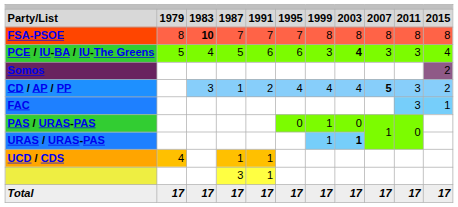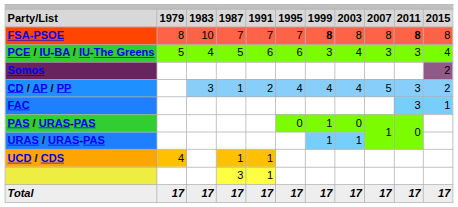 <table class="wikitable" style="margin:0 auto">
 <tr>
 <td colspan="11" width="600px" bgcolor="#C0C0C0"></td>
 </tr>
 <tr bgcolor="#D8D8D8">
 <td><strong>Party/List</strong></td>
 <td align="right"><strong>1979</strong></td>
 <td align="right"><strong>1983</strong></td>
 <td align="right"><strong>1987</strong></td>
 <td align="right"><strong>1991</strong></td>
 <td align="right"><strong>1995</strong></td>
 <td align="right"><strong>1999</strong></td>
 <td align="right"><strong>2003</strong></td>
 <td align="right"><strong>2007</strong></td>
 <td align="right"><strong>2011</strong></td>
 <td align="right"><strong>2015</strong></td>
 </tr>
 <tr>
 <td bgcolor="#FF4500"><strong><a href='#'>FSA-PSOE</a></strong></td>
 <td bgcolor="#FF6347" align="right">8</td>
-<td bgcolor="#FF6347" align="right"><strong>10</strong></td>
+<td bgcolor="#FF6347" align="right">10</td>
 <td bgcolor="#FF6347" align="right">7</td>
 <td bgcolor="#FF6347" align="right">7</td>
 <td bgcolor="#FF6347" align="right">7</td>
+<td bgcolor="#FF6347" align="right"><strong>8</strong></td>
 <td bgcolor="#FF6347" align="right">8</td>
 <td bgcolor="#FF6347" align="right">8</td>
-<td bgcolor="#FF6347" align="right">8</td>
-<td bgcolor="#FF6347" align="right">8</td>
+<td bgcolor="#FF6347" align="right"><strong>8</strong></td>
 <td bgcolor="#FF6347" align="right">8</td>
 </tr>
 <tr>
 <td bgcolor="#32CD32"><strong><a href='#'>PCE</a> / <a href='#'>IU</a>-<a href='#'>BA</a> / <a href='#'>IU</a>-<a href='#'>The Greens</a></strong></td>
 <td bgcolor="#7CFC00" align="right">5</td>
 <td bgcolor="#7CFC00" align="right">4</td>
 <td bgcolor="#7CFC00" align="right">5</td>
 <td bgcolor="#7CFC00" align="right">6</td>
 <td bgcolor="#7CFC00" align="right">6</td>
 <td bgcolor="#7CFC00" align="right">3</td>
-<td bgcolor="#7CFC00" align="right"><strong>4</strong></td>
+<td bgcolor="#7CFC00" align="right">4</td>
 <td bgcolor="#7CFC00" align="right">3</td>
 <td bgcolor="#7CFC00" align="right">3</td>
 <td bgcolor="#7CFC00" align="right">4</td>
 </tr>
 <tr>
 <td bgcolor="#69235F"><strong><span><a href='#'>Somos</a></span></strong></td>
 <td bgcolor="#FFFFFF" align="right"></td>
 <td bgcolor="#FFFFFF" align="right"></td>
 <td bgcolor="#FFFFFF" align="right"></td>
 <td bgcolor="#FFFFFF" align="right"></td>
 <td bgcolor="#FFFFFF" align="right"></td>
 <td bgcolor="#FFFFFF" align="right"></td>
 <td bgcolor="#FFFFFF" align="right"></td>
 <td bgcolor="#FFFFFF" align="right"></td>
 <td bgcolor="#FFFFFF" align="right"></td>
 <td bgcolor="#8F5A87" align="right">2</td>
 </tr>
 <tr>
 <td bgcolor="#1E90FF"><strong><a href='#'>CD</a> / <a href='#'>AP</a> / <a href='#'>PP</a></strong></td>
 <td bgcolor="#FFFFFF" align="right"></td>
 <td bgcolor="#87CEFA" align="right">3</td>
 <td bgcolor="#87CEFA" align="right">1</td>
 <td bgcolor="#87CEFA" align="right">2</td>
 <td bgcolor="#87CEFA" align="right">4</td>
 <td bgcolor="#87CEFA" align="right">4</td>
 <td bgcolor="#87CEFA" align="right">4</td>
-<td bgcolor="#87CEFA" align="right"><strong>5</strong></td>
+<td bgcolor="#87CEFA" align="right">5</td>
 <td bgcolor="#87CEFA" align="right">3</td>
 <td bgcolor="#87CEFA" align="right">2</td>
 </tr>
 <tr>
 <td bgcolor="#1E80FF"><strong><a href='#'>FAC</a></strong></td>
 <td bgcolor="#FFFFFF" align="right"></td>
 <td bgcolor="#FFFFFF" align="right"></td>
 <td bgcolor="#FFFFFF" align="right"></td>
 <td bgcolor="#FFFFFF" align="right"></td>
 <td bgcolor="#FFFFFF" align="right"></td>
 <td bgcolor="#FFFFFF" align="right"></td>
 <td bgcolor="#FFFFFF" align="right"></td>
 <td bgcolor="#FFFFFF" align="right"></td>
 <td bgcolor="#76CEFA" align="right">3</td>
 <td bgcolor="#76CEFA" align="right">1</td>
 </tr>
 <tr>
 <td bgcolor="#32CD32"><strong><a href='#'>PAS</a> / <a href='#'>URAS</a>-<a href='#'>PAS</a></strong></td>
 <td bgcolor="#FFFFFF" align="right"></td>
 <td bgcolor="#FFFFFF" align="right"></td>
 <td bgcolor="#FFFFFF" align="right"></td>
 <td bgcolor="#FFFFFF" align="right"></td>
 <td bgcolor="#7CFC00" align="right">0</td>
 <td bgcolor="#7CFC00" align="right">1</td>
 <td bgcolor="#7CFC00" align="right">0</td>
 <td bgcolor="#7CFC00" align="right" rowspan="2">1</td>
 <td bgcolor="#7CFC00" align="right" rowspan="2">0</td>
 <td bgcolor="#FFFFFF" align="right"></td>
 </tr>
 <tr>
 <td bgcolor="#1E80FF"><strong><a href='#'>URAS</a> / <a href='#'>URAS</a>-<a href='#'>PAS</a></strong></td>
 <td bgcolor="#FFFFFF" align="right"></td>
 <td bgcolor="#FFFFFF" align="right"></td>
 <td bgcolor="#FFFFFF" align="right"></td>
 <td bgcolor="#FFFFFF" align="right"></td>
 <td bgcolor="#FFFFFF" align="right"></td>
 <td bgcolor="#76CEFA" align="right">1</td>
-<td bgcolor="#76CEFA" align="right"><strong>1<br> </strong></td>
+<td bgcolor="#76CEFA" align="right">1<br> </td>
 <td bgcolor="#FFFFFF" align="right"></td>
 </tr>
 <tr>
 <td bgcolor="#FFA500"><strong><a href='#'>UCD</a> / <a href='#'>CDS</a></strong></td>
 <td bgcolor="#FFC000" align="right">4</td>
 <td bgcolor="#FFFFFF" align="right"></td>
 <td bgcolor="#FFC000" align="right">1</td>
 <td bgcolor="#FFC000" align="right">1</td>
 <td bgcolor="#FFFFFF" align="right"></td>
 <td bgcolor="#FFFFFF" align="right"></td>
 <td bgcolor="#FFFFFF" align="right"></td>
 <td bgcolor="#FFFFFF" align="right"></td>
 <td bgcolor="#FFFFFF" align="right"></td>
 <td bgcolor="#FFFFFF" align="right"></td>
 </tr>
 <tr>
 <td bgcolor="#EEEE42"><strong></strong></td>
 <td bgcolor="#FFFFFF" align="right"></td>
 <td bgcolor="#FFFFFF" align="right"></td>
 <td bgcolor="#FFFF42" align="right">3</td>
 <td bgcolor="#FFFF42" align="right">1</td>
 <td bgcolor="#FFFFFF" align="right"></td>
 <td bgcolor="#FFFFFF" align="right"></td>
 <td bgcolor="#FFFFFF" align="right"></td>
 <td bgcolor="#FFFFFF" align="right"></td>
 <td bgcolor="#FFFFFF" align="right"></td>
 <td bgcolor="#FFFFFF" align="right"></td>
 </tr>
 <tr bgcolor="#EEEEEE">
 <td><strong><em>Total</em></strong></td>
 <td align="right"><strong><em>17</em></strong></td>
 <td align="right"><strong><em>17</em></strong></td>
 <td align="right"><strong><em>17</em></strong></td>
 <td align="right"><strong><em>17</em></strong></td>
 <td align="right"><strong><em>17</em></strong></td>
 <td align="right"><strong><em>17</em></strong></td>
 <td align="right"><strong><em>17</em></strong></td>
 <td align="right"><strong><em>17</em></strong></td>
 <td align="right"><strong><em>17</em></strong></td>
 <td align="right"><strong><em>17</em></strong></td>
 </tr>
 </table>
